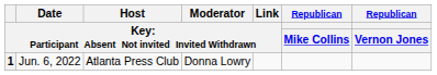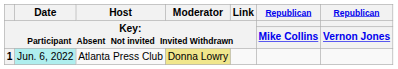 <table class="wikitable" style="text-align:center;">
 <tr>
 <th scope="col"></th>
 <th scope="col">Date</th>
 <th scope="col">Host</th>
 <th scope="col">Moderator</th>
 <th scope="col">Link</th>
 <th scope="col"><small><a href='#'>Republican</a></small></th>
 <th scope="col"><small><a href='#'>Republican</a></small></th>
 </tr>
 <tr>
 <th colspan="5" rowspan="2">Key:<br> <small>Participant </small>  <small>Absent </small>  <small>Not invited </small>  <small>Invited  Withdrawn</small></th>
 <th scope="col" style="background:"></th>
 <th scope="col" style="background:"></th>
 </tr>
 <tr>
 <th scope="col"><a href='#'>Mike Collins</a></th>
 <th scope="col"><a href='#'>Vernon Jones</a></th>
 </tr>
 <tr>
 <th>1</th>
-<td style="white-space:nowrap;">Jun. 6, 2022</td>
+<td style="background: paleturquoise; white-space:nowrap;">Jun. 6, 2022</td>
 <td style="white-space:nowrap;">Atlanta Press Club</td>
-<td style="white-space:nowrap;">Donna Lowry</td>
+<td style="background: khaki; white-space:nowrap;">Donna Lowry</td>
 <td style="white-space:nowrap;"></td>
 <td></td>
 <td></td>
 </tr>
 </table>
